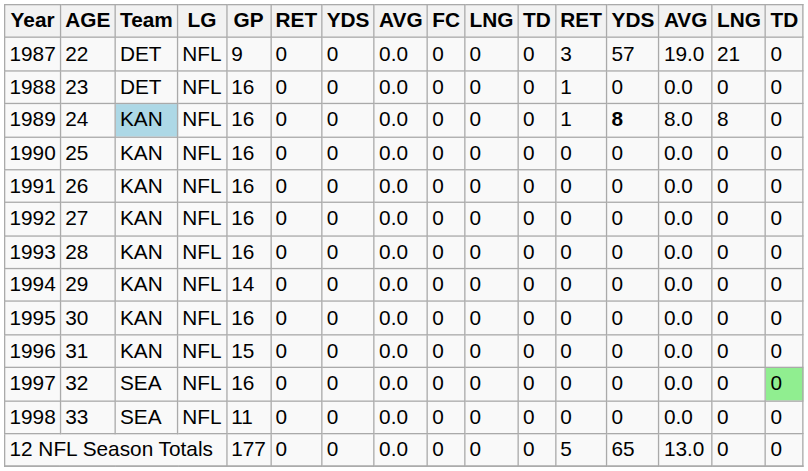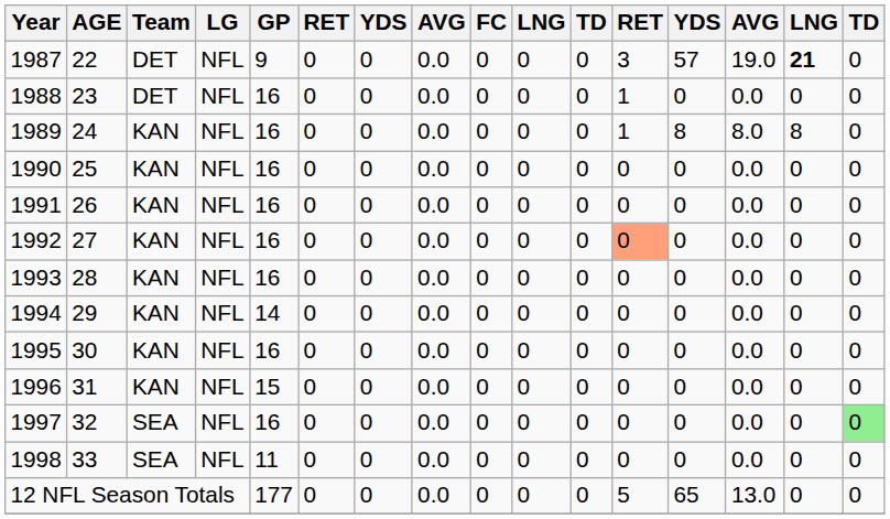 <table class="wikitable">
 <tr>
 <th>Year</th>
 <th>AGE</th>
 <th>Team</th>
 <th>LG</th>
 <th>GP</th>
 <th>RET</th>
 <th>YDS</th>
 <th>AVG</th>
 <th>FC</th>
 <th>LNG</th>
 <th>TD</th>
 <th>RET</th>
 <th>YDS</th>
 <th>AVG</th>
 <th>LNG</th>
 <th>TD</th>
 </tr>
 <tr>
 <td>1987</td>
 <td>22</td>
 <td>DET</td>
 <td>NFL</td>
 <td>9</td>
 <td>0</td>
 <td>0</td>
 <td>0.0</td>
 <td>0</td>
 <td>0</td>
 <td>0</td>
 <td>3</td>
 <td>57</td>
 <td>19.0</td>
-<td>21</td>
+<td><strong>21</strong></td>
 <td>0</td>
 </tr>
 <tr>
 <td>1988</td>
 <td>23</td>
 <td>DET</td>
 <td>NFL</td>
 <td>16</td>
 <td>0</td>
 <td>0</td>
 <td>0.0</td>
 <td>0</td>
 <td>0</td>
 <td>0</td>
 <td>1</td>
 <td>0</td>
 <td>0.0</td>
 <td>0</td>
 <td>0</td>
 </tr>
 <tr>
 <td>1989</td>
 <td>24</td>
-<td style="background: lightblue;">KAN</td>
+<td>KAN</td>
 <td>NFL</td>
 <td>16</td>
 <td>0</td>
 <td>0</td>
 <td>0.0</td>
 <td>0</td>
 <td>0</td>
 <td>0</td>
 <td>1</td>
-<td><strong>8</strong></td>
+<td>8</td>
 <td>8.0</td>
 <td>8</td>
 <td>0</td>
 </tr>
 <tr>
 <td>1990</td>
 <td>25</td>
 <td>KAN</td>
 <td>NFL</td>
 <td>16</td>
 <td>0</td>
 <td>0</td>
 <td>0.0</td>
 <td>0</td>
 <td>0</td>
 <td>0</td>
 <td>0</td>
 <td>0</td>
 <td>0.0</td>
 <td>0</td>
 <td>0</td>
 </tr>
 <tr>
 <td>1991</td>
 <td>26</td>
 <td>KAN</td>
 <td>NFL</td>
 <td>16</td>
 <td>0</td>
 <td>0</td>
 <td>0.0</td>
 <td>0</td>
 <td>0</td>
 <td>0</td>
 <td>0</td>
 <td>0</td>
 <td>0.0</td>
 <td>0</td>
 <td>0</td>
 </tr>
 <tr>
 <td>1992</td>
 <td>27</td>
 <td>KAN</td>
 <td>NFL</td>
 <td>16</td>
 <td>0</td>
 <td>0</td>
 <td>0.0</td>
 <td>0</td>
 <td>0</td>
 <td>0</td>
-<td>0</td>
+<td style="background: lightsalmon;">0</td>
 <td>0</td>
 <td>0.0</td>
 <td>0</td>
 <td>0</td>
 </tr>
 <tr>
 <td>1993</td>
 <td>28</td>
 <td>KAN</td>
 <td>NFL</td>
 <td>16</td>
 <td>0</td>
 <td>0</td>
 <td>0.0</td>
 <td>0</td>
 <td>0</td>
 <td>0</td>
 <td>0</td>
 <td>0</td>
 <td>0.0</td>
 <td>0</td>
 <td>0</td>
 </tr>
 <tr>
 <td>1994</td>
 <td>29</td>
 <td>KAN</td>
 <td>NFL</td>
 <td>14</td>
 <td>0</td>
 <td>0</td>
 <td>0.0</td>
 <td>0</td>
 <td>0</td>
 <td>0</td>
 <td>0</td>
 <td>0</td>
 <td>0.0</td>
 <td>0</td>
 <td>0</td>
 </tr>
 <tr>
 <td>1995</td>
 <td>30</td>
 <td>KAN</td>
 <td>NFL</td>
 <td>16</td>
 <td>0</td>
 <td>0</td>
 <td>0.0</td>
 <td>0</td>
 <td>0</td>
 <td>0</td>
 <td>0</td>
 <td>0</td>
 <td>0.0</td>
 <td>0</td>
 <td>0</td>
 </tr>
 <tr>
 <td>1996</td>
 <td>31</td>
 <td>KAN</td>
 <td>NFL</td>
 <td>15</td>
 <td>0</td>
 <td>0</td>
 <td>0.0</td>
 <td>0</td>
 <td>0</td>
 <td>0</td>
 <td>0</td>
 <td>0</td>
 <td>0.0</td>
 <td>0</td>
 <td>0</td>
 </tr>
 <tr>
 <td>1997</td>
 <td>32</td>
 <td>SEA</td>
 <td>NFL</td>
 <td>16</td>
 <td>0</td>
 <td>0</td>
 <td>0.0</td>
 <td>0</td>
 <td>0</td>
 <td>0</td>
 <td>0</td>
 <td>0</td>
 <td>0.0</td>
 <td>0</td>
 <td style="background: lightgreen;">0</td>
 </tr>
 <tr>
 <td>1998</td>
 <td>33</td>
 <td>SEA</td>
 <td>NFL</td>
 <td>11</td>
 <td>0</td>
 <td>0</td>
 <td>0.0</td>
 <td>0</td>
 <td>0</td>
 <td>0</td>
 <td>0</td>
 <td>0</td>
 <td>0.0</td>
 <td>0</td>
 <td>0</td>
 </tr>
 <tr>
 <td colspan="4">12 NFL Season Totals</td>
 <td>177</td>
 <td>0</td>
 <td>0</td>
 <td>0.0</td>
 <td>0</td>
 <td>0</td>
 <td>0</td>
 <td>5</td>
 <td>65</td>
 <td>13.0</td>
 <td>0</td>
 <td>0</td>
 </tr>
 <tr>
 </tr>
 </table>
